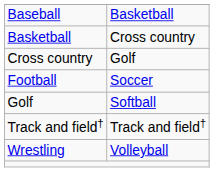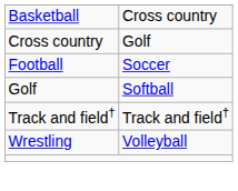 <table class="wikitable">
 <tr>
-</tr>
-<tr>
-<td><a href='#'>Baseball</a></td>
-<td><a href='#'>Basketball</a></td>
 </tr>
 <tr>
 <td><a href='#'>Basketball</a></td>
 <td>Cross country</td>
 </tr>
 <tr>
 <td>Cross country</td>
 <td>Golf</td>
 </tr>
 <tr>
 <td><a href='#'>Football</a></td>
 <td><a href='#'>Soccer</a></td>
 </tr>
 <tr>
 <td>Golf</td>
 <td><a href='#'>Softball</a></td>
 </tr>
 <tr>
 <td>Track and field<sup>†</sup></td>
 <td>Track and field<sup>†</sup></td>
 </tr>
 <tr>
 <td><a href='#'>Wrestling</a></td>
 <td><a href='#'>Volleyball</a></td>
 </tr>
 <tr>
 <td colspan="2"></td>
 </tr>
 </table>
